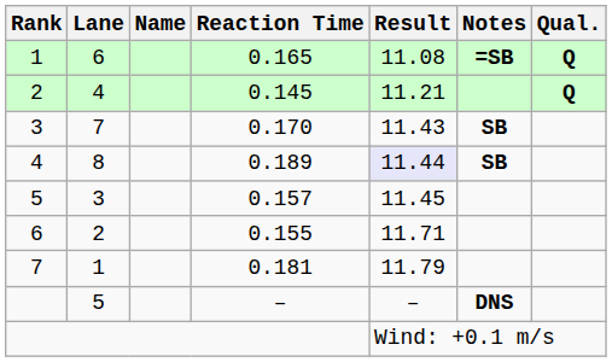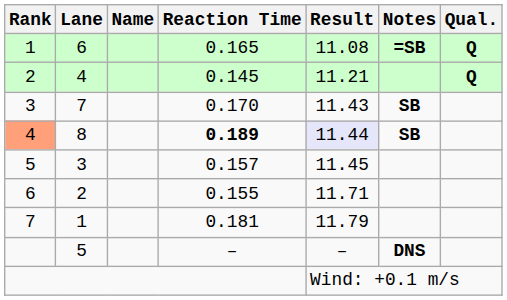 <table class="wikitable" style="text-align:center">
 <tr>
 <th>Rank</th>
 <th>Lane</th>
 <th>Name</th>
 <th>Reaction Time</th>
 <th>Result</th>
 <th>Notes</th>
 <th>Qual.</th>
 </tr>
 <tr bgcolor=ccffcc>
 <td>1</td>
 <td>6</td>
 <td align="left"></td>
 <td>0.165</td>
 <td>11.08</td>
 <td><strong>=SB</strong></td>
 <td><strong>Q</strong></td>
 </tr>
 <tr bgcolor=ccffcc>
 <td>2</td>
 <td>4</td>
 <td align="left"></td>
 <td>0.145</td>
 <td>11.21</td>
 <td></td>
 <td><strong>Q</strong></td>
 </tr>
 <tr>
 <td>3</td>
 <td>7</td>
 <td align="left"></td>
 <td>0.170</td>
 <td>11.43</td>
 <td><strong>SB</strong></td>
 <td></td>
 </tr>
 <tr>
-<td>4</td>
+<td style="background: lightsalmon;">4</td>
 <td>8</td>
 <td align="left"></td>
-<td>0.189</td>
+<td><strong>0.189</strong></td>
 <td style="background: lavender;">11.44</td>
 <td><strong>SB</strong></td>
 <td></td>
 </tr>
 <tr>
 <td>5</td>
 <td>3</td>
 <td align="left"></td>
 <td>0.157</td>
 <td>11.45</td>
 <td></td>
 <td></td>
 </tr>
 <tr>
 <td>6</td>
 <td>2</td>
 <td align="left"></td>
 <td>0.155</td>
 <td>11.71</td>
 <td></td>
 <td></td>
 </tr>
 <tr>
 <td>7</td>
 <td>1</td>
 <td align="left"></td>
 <td>0.181</td>
 <td>11.79</td>
 <td></td>
 <td></td>
 </tr>
 <tr>
 <td></td>
 <td>5</td>
 <td align="left"></td>
 <td>–</td>
 <td>–</td>
 <td><strong>DNS</strong></td>
 <td></td>
 </tr>
 <tr class="sortbottom">
 <td colspan=4></td>
 <td colspan="3" style="text-align:left;">Wind: +0.1 m/s</td>
 </tr>
 </table>
